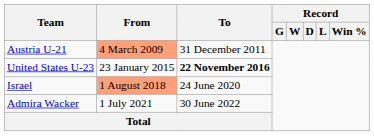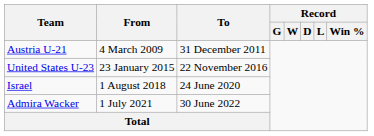 <table class="wikitable" style="text-align: center">
 <tr>
 <th rowspan="2">Team</th>
 <th rowspan="2">From</th>
 <th rowspan="2">To</th>
 <th colspan="5">Record</th>
 </tr>
 <tr>
 <th>G</th>
 <th>W</th>
 <th>D</th>
 <th>L</th>
 <th>Win %</th>
 </tr>
 <tr>
 <td align=left><a href='#'>Austria U-21</a></td>
-<td align=left style="background: lightsalmon;">4 March 2009</td>
+<td align=left>4 March 2009</td>
 <td align=left>31 December 2011<br></td>
 </tr>
 <tr>
 <td align=left><a href='#'>United States U-23</a></td>
 <td align=left>23 January 2015</td>
-<td align=left><strong>22 November 2016<br></strong></td>
+<td align=left>22 November 2016<br></td>
 </tr>
 <tr>
 <td align=left><a href='#'>Israel</a></td>
-<td align=left style="background: lightsalmon;">1 August 2018</td>
+<td align=left>1 August 2018</td>
 <td align=left>24 June 2020<br></td>
 </tr>
 <tr>
 <td align=left><a href='#'>Admira Wacker</a></td>
 <td align=left>1 July 2021</td>
 <td align=left>30 June 2022<br></td>
 </tr>
 <tr>
 <th colspan="3">Total<br></th>
 </tr>
 </table>
